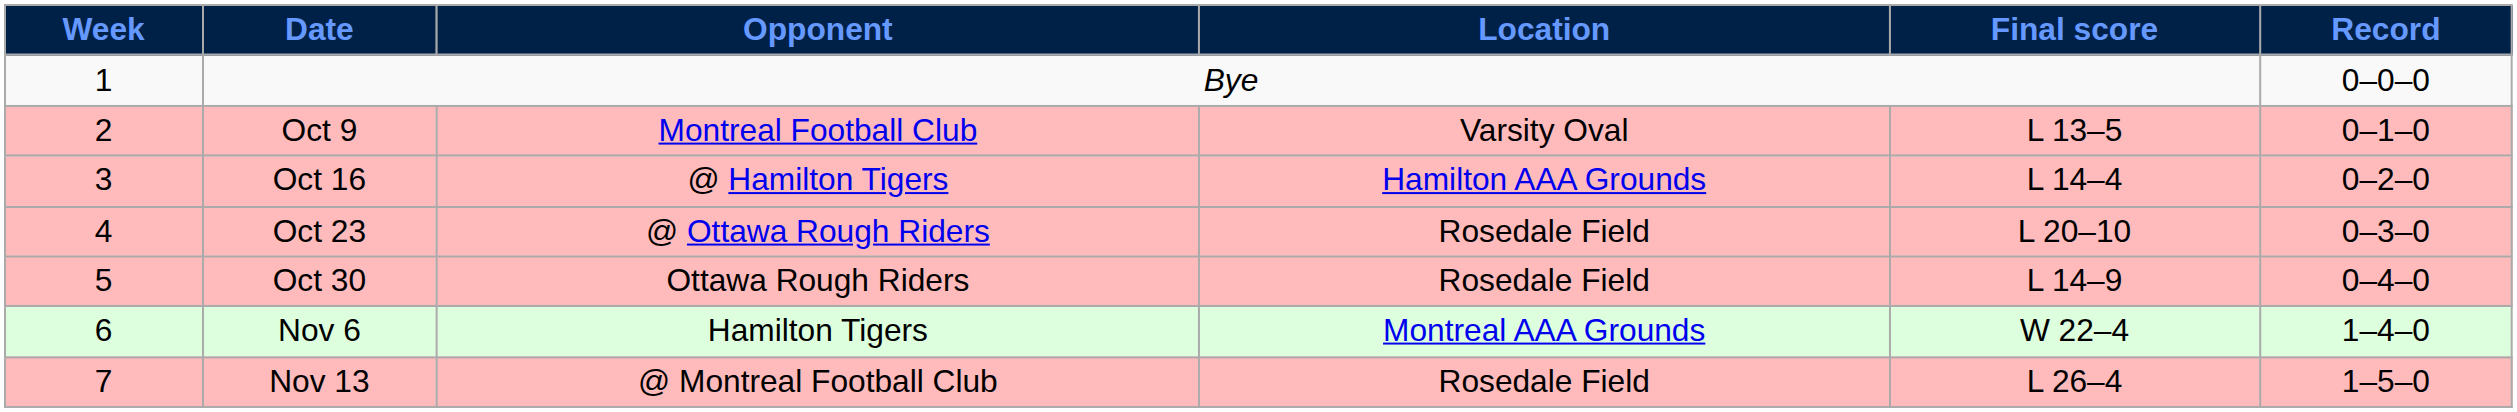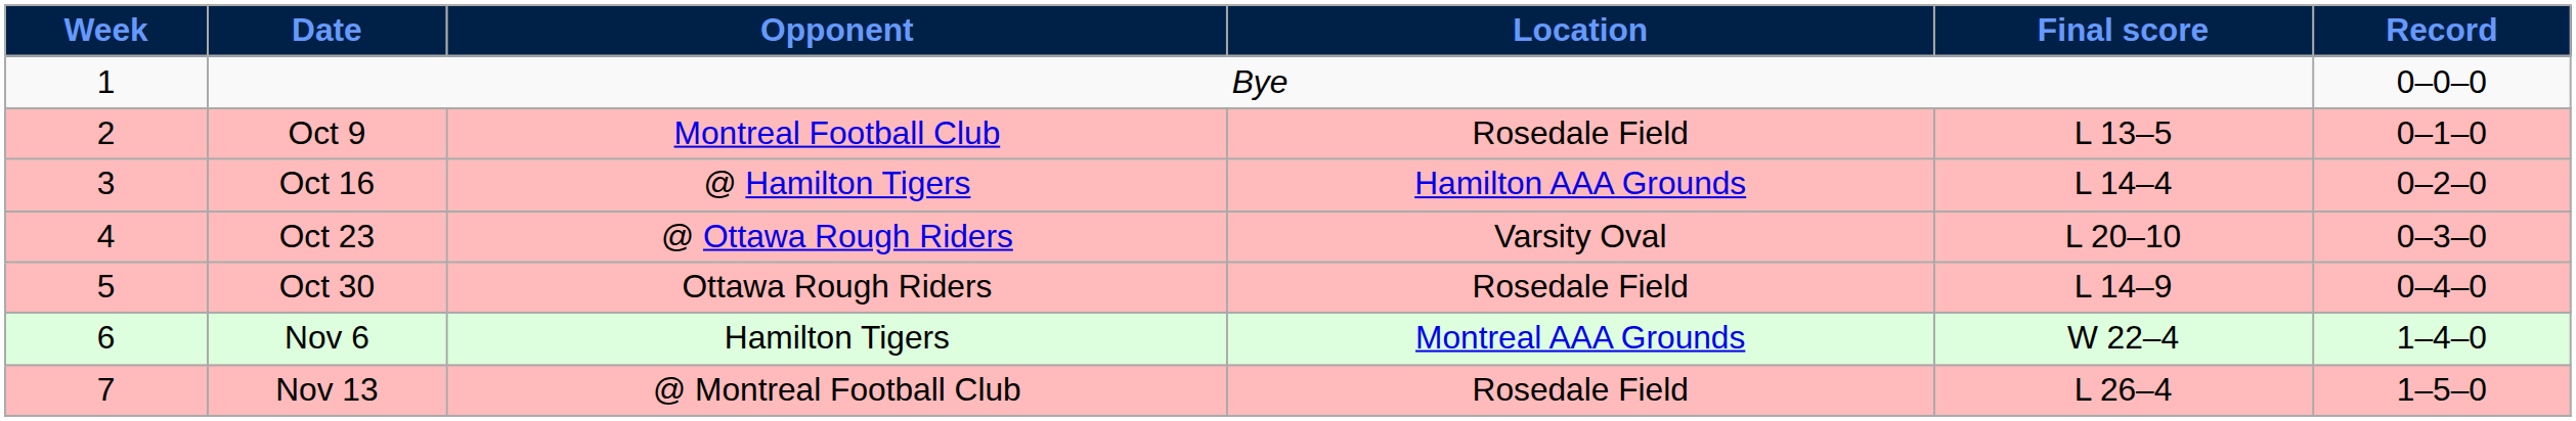 <table class="wikitable" width="80%">
 <tr align="center"  style="background:#002147;color:#6699FF;">
 <td><strong>Week</strong></td>
 <td><strong>Date</strong></td>
 <td><strong>Opponent</strong></td>
 <td><strong>Location</strong></td>
 <td><strong>Final score</strong></td>
 <td><strong>Record</strong></td>
 </tr>
 <tr align="center">
 <td>1</td>
 <td colspan="4"><em>Bye</em></td>
 <td>0–0–0</td>
 </tr>
 <tr align="center" bgcolor="#ffbbbb">
 <td>2</td>
 <td>Oct 9</td>
 <td><a href='#'>Montreal Football Club</a></td>
-<td>Varsity Oval</td>
+<td>Rosedale Field</td>
 <td>L 13–5</td>
 <td>0–1–0</td>
 </tr>
 <tr align="center" bgcolor="#ffbbbb">
 <td>3</td>
 <td>Oct 16</td>
 <td>@ <a href='#'>Hamilton Tigers</a></td>
 <td><a href='#'>Hamilton AAA Grounds</a></td>
 <td>L 14–4</td>
 <td>0–2–0</td>
 </tr>
 <tr align="center" bgcolor="#ffbbbb">
 <td>4</td>
 <td>Oct 23</td>
 <td>@ <a href='#'>Ottawa Rough Riders</a></td>
-<td>Rosedale Field</td>
+<td>Varsity Oval</td>
 <td>L 20–10</td>
 <td>0–3–0</td>
 </tr>
 <tr align="center" bgcolor="#ffbbbb">
 <td>5</td>
 <td>Oct 30</td>
 <td>Ottawa Rough Riders</td>
 <td>Rosedale Field</td>
 <td>L 14–9</td>
 <td>0–4–0</td>
 </tr>
 <tr align="center" bgcolor="#ddffdd">
 <td>6</td>
 <td>Nov 6</td>
 <td>Hamilton Tigers</td>
 <td><a href='#'>Montreal AAA Grounds</a></td>
 <td>W 22–4</td>
 <td>1–4–0</td>
 </tr>
 <tr align="center" bgcolor="#ffbbbb">
 <td>7</td>
 <td>Nov 13</td>
 <td>@ Montreal Football Club</td>
 <td>Rosedale Field</td>
 <td>L 26–4</td>
 <td>1–5–0</td>
 </tr>
 </table>
